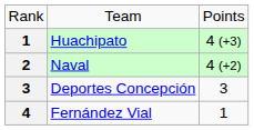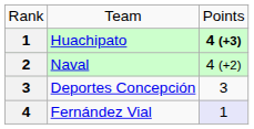 <table class="wikitable" style="text-align: center;">
 <tr>
 <td>Rank</td>
 <td>Team</td>
 <td>Points</td>
 </tr>
 <tr bgcolor=#ccffcc>
 <th>1</th>
 <td style="text-align: left;"><a href='#'>Huachipato</a></td>
-<td>4 <small>(+3)</small></td>
+<td><strong>4 <small>(+3)</small></strong></td>
 </tr>
 <tr bgcolor=#ccffcc>
 <th>2</th>
 <td style="text-align: left;"><a href='#'>Naval</a></td>
 <td>4 <small>(+2)</small></td>
 </tr>
 <tr>
 <th>3</th>
 <td style="text-align: left;"><a href='#'>Deportes Concepción</a></td>
 <td>3</td>
 </tr>
 <tr>
 <th>4</th>
 <td style="text-align: left;"><a href='#'>Fernández Vial</a></td>
-<td>1</td>
+<td style="background: lavender;">1</td>
 </tr>
 </table>
